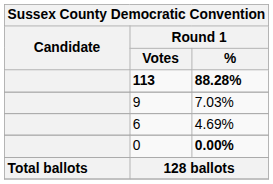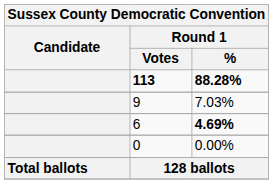 <table class="wikitable sortable">
 <tr>
 <th colspan=" 19 ">Sussex County Democratic Convention</th>
 </tr>
 <tr style="background:#eee; text-align:center;">
 <th rowspan=2 style="text-align:center;">Candidate</th>
 <th colspan=2 style="text-align:center;">Round 1</th>
 </tr>
 <tr>
 <th>Votes</th>
 <th>%</th>
 </tr>
 <tr>
 <th scope="row" style="text-align:left;"></th>
 <td><strong>113</strong></td>
 <td><strong>88.28%</strong></td>
 </tr>
 <tr>
 </tr>
 <tr>
 </tr>
 <tr>
 <th scope="row" style="text-align:left;"></th>
 <td>9</td>
 <td>7.03%</td>
 </tr>
 <tr>
 </tr>
 <tr>
 </tr>
 <tr>
 <th scope="row" style="text-align:left;"></th>
 <td>6</td>
-<td>4.69%</td>
+<td><strong>4.69%</strong></td>
 </tr>
 <tr>
 </tr>
 <tr>
 </tr>
 <tr>
 <th scope="row" style="text-align:left;"></th>
 <td>0</td>
-<td><strong>0.00%</strong></td>
+<td>0.00%</td>
 </tr>
 <tr>
 </tr>
 <tr>
 <th scope="row" style="text-align:left;">Total ballots</th>
 <th colspan="2">128 ballots</th>
 </tr>
 <tr>
 </tr>
 </table>
